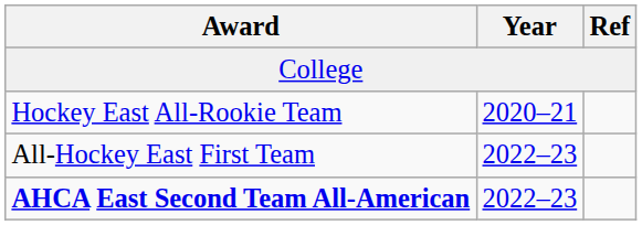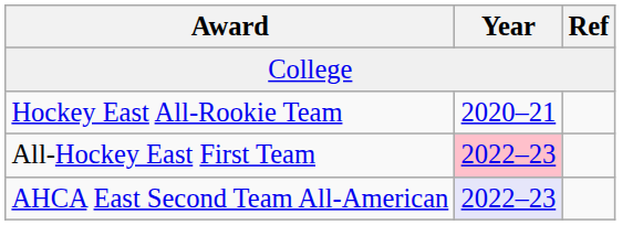 <table class="wikitable">
 <tr>
 <th>Award</th>
 <th>Year</th>
 <th>Ref</th>
 </tr>
 <tr align=center bgcolor=f0f0f0>
 <td colspan="3"><a href='#'>College</a></td>
 </tr>
 <tr>
 <td><a href='#'>Hockey East</a> <a href='#'>All-Rookie Team</a></td>
 <td><a href='#'>2020–21</a></td>
 <td></td>
 </tr>
 <tr>
 <td>All-<a href='#'>Hockey East</a> <a href='#'>First Team</a></td>
-<td><a href='#'>2022–23</a></td>
+<td style="background: pink;"><a href='#'>2022–23</a></td>
 <td></td>
 </tr>
 <tr>
-<td><strong><a href='#'>AHCA</a> <a href='#'>East Second Team All-American</a></strong></td>
-<td><a href='#'>2022–23</a></td>
+<td><a href='#'>AHCA</a> <a href='#'>East Second Team All-American</a></td>
+<td style="background: lavender;"><a href='#'>2022–23</a></td>
 <td></td>
 </tr>
 </table>
